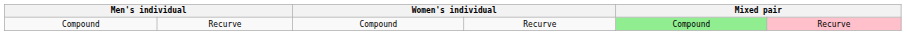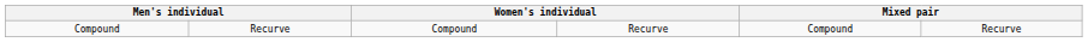 <table class="wikitable"  style="width:100%; text-align:center; font-size:85%;">
 <tr>
 <th colspan="2">Men's individual</th>
 <th colspan="2">Women's individual</th>
 <th colspan="2">Mixed pair</th>
 </tr>
 <tr>
 <td>Compound</td>
 <td>Recurve</td>
 <td>Compound</td>
 <td>Recurve</td>
-<td style="background: lightgreen;">Compound</td>
-<td style="background: pink;">Recurve</td>
+<td>Compound</td>
+<td>Recurve</td>
 </tr>
 </table>
